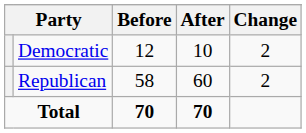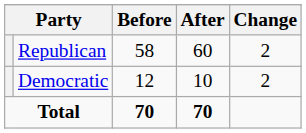 <table class="wikitable" style="text-align:center;">
 <tr>
 </tr>
 <tr>
 <th colspan=2>Party</th>
 <th>Before</th>
 <th>After</th>
 <th>Change</th>
 </tr>
 <tr>
 <th style="background-color:"></th>
-<td style="text-align:left;"><a href='#'>Democratic</a></td>
-<td>12</td>
-<td>10</td>
+<td style="text-align:left;"><a href='#'>Republican</a></td>
+<td>58</td>
+<td>60</td>
 <td> 2</td>
 </tr>
 <tr>
 <th style="background-color:"></th>
-<td style="text-align:left;"><a href='#'>Republican</a></td>
-<td>58</td>
-<td>60</td>
+<td style="text-align:left;"><a href='#'>Democratic</a></td>
+<td>12</td>
+<td>10</td>
 <td> 2</td>
 </tr>
 <tr>
 <td colspan=2><strong>Total</strong></td>
 <td><strong>70</strong></td>
 <td><strong>70</strong></td>
 <td></td>
 </tr>
 </table>
